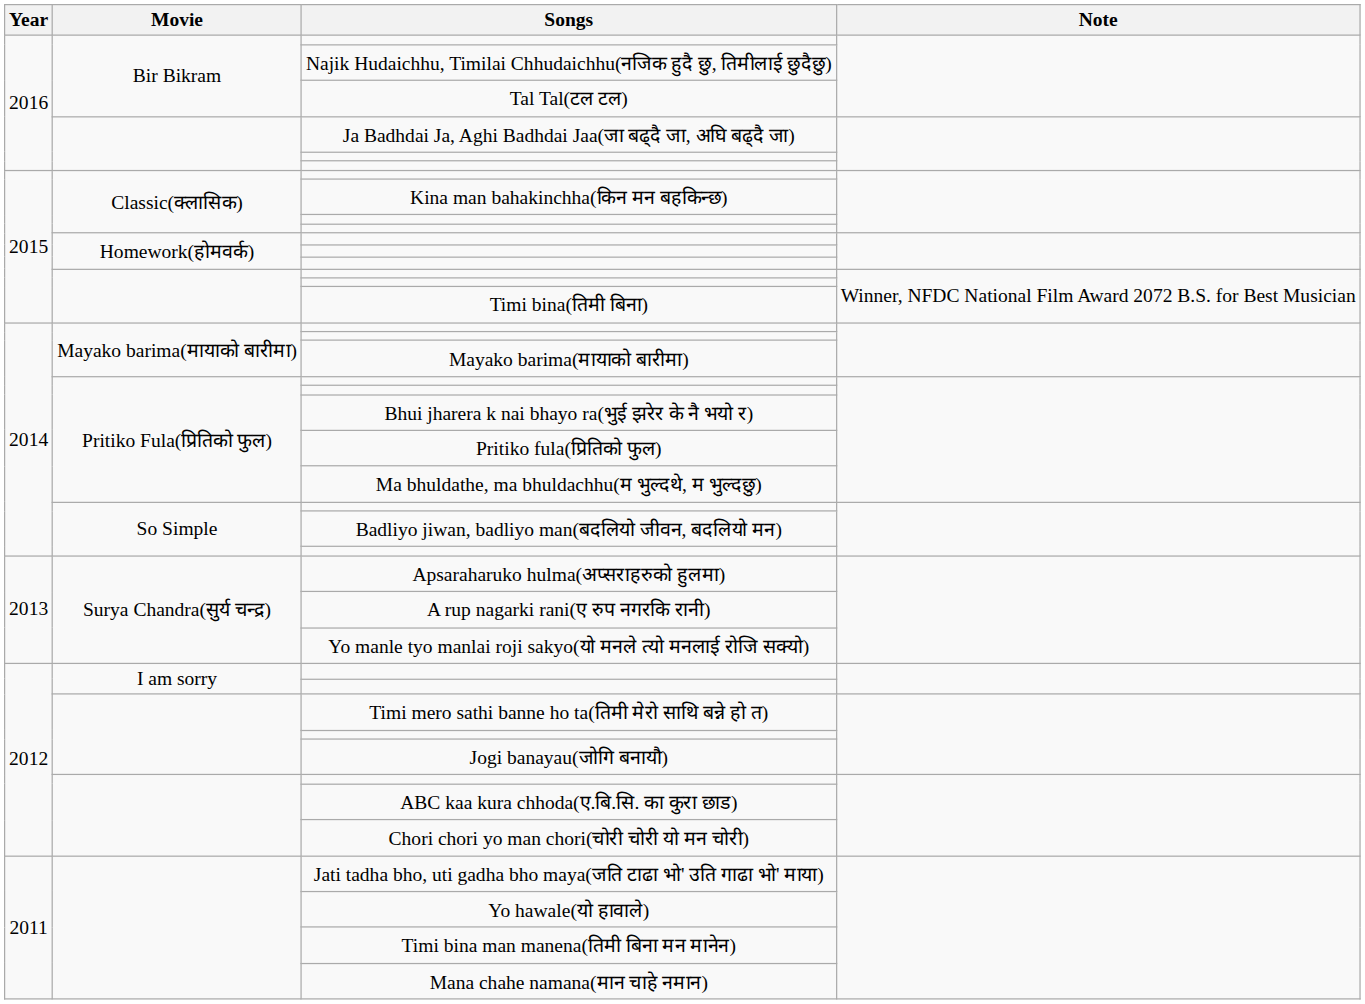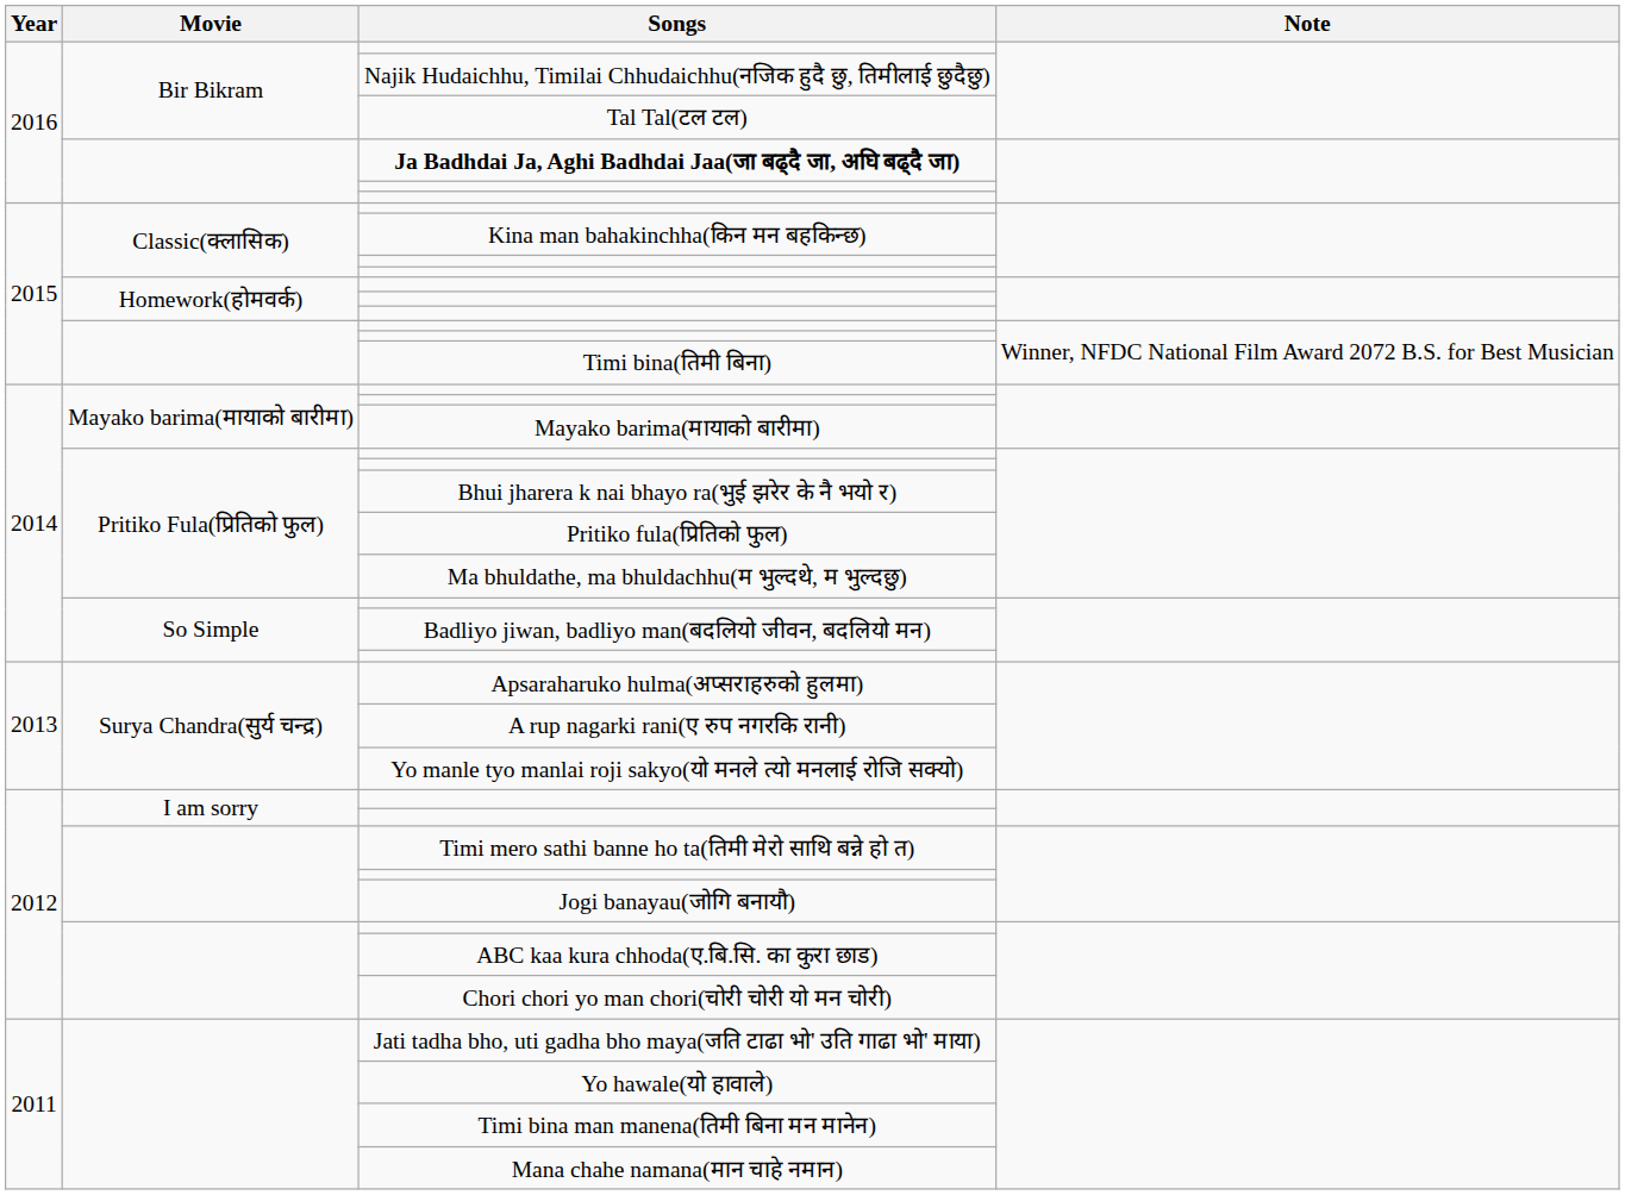 <table class="wikitable">
 <tr>
 <th>Year</th>
 <th>Movie</th>
 <th>Songs</th>
 <th>Note</th>
 </tr>
 <tr style="text-align:center;">
 <td rowspan=6>2016</td>
 <td rowspan=3>Bir Bikram</td>
 <td></td>
 <td rowspan=3></td>
 </tr>
 <tr style="text-align:center;">
 <td>Najik Hudaichhu, Timilai Chhudaichhu(नजिक हुदै छु, तिमीलाई छुदैछु)</td>
 </tr>
 <tr style="text-align:center;">
 <td>Tal Tal(टल टल)</td>
 </tr>
 <tr style="text-align:center;">
 <td rowspan=3></td>
-<td>Ja Badhdai Ja, Aghi Badhdai Jaa(जा बढ्दै जा, अघि बढ्दै जा)</td>
+<td><strong>Ja Badhdai Ja, Aghi Badhdai Jaa(जा बढ्दै जा, अघि बढ्दै जा)</strong></td>
 <td rowspan=3></td>
 </tr>
 <tr style="text-align:center;">
 <td></td>
 </tr>
 <tr style="text-align:center;">
 <td></td>
 </tr>
 <tr style="text-align:center;">
 <td rowspan=10>2015</td>
 <td rowspan=4>Classic(क्लासिक)</td>
 <td></td>
 <td rowspan=4></td>
 </tr>
 <tr style="text-align:center;">
 <td>Kina man bahakinchha(किन मन बहकिन्छ)</td>
 </tr>
 <tr style="text-align:center;">
 <td></td>
 </tr>
 <tr style="text-align:center;">
 <td></td>
 </tr>
 <tr style="text-align:center;">
 <td rowspan=3>Homework(होमवर्क)</td>
 <td></td>
 <td rowspan=3></td>
 </tr>
 <tr style="text-align:center;">
 <td></td>
 </tr>
 <tr style="text-align:center;">
 <td></td>
 </tr>
 <tr style="text-align:center;">
 <td rowspan=3></td>
 <td></td>
 <td rowspan=3>Winner, NFDC National Film Award 2072 B.S. for Best Musician</td>
 </tr>
 <tr style="text-align:center;">
 <td></td>
 </tr>
 <tr style="text-align:center;">
 <td>Timi bina(तिमी बिना)</td>
 </tr>
 <tr style="text-align:center;">
 <td rowspan=11>2014</td>
 <td rowspan=3>Mayako barima(मायाको बारीमा)</td>
 <td></td>
 <td rowspan=3></td>
 </tr>
 <tr style="text-align:center;">
 <td></td>
 </tr>
 <tr style="text-align:center;">
 <td>Mayako barima(मायाको बारीमा)</td>
 </tr>
 <tr style="text-align:center;">
 <td rowspan=5>Pritiko Fula(प्रितिको फुल)</td>
 <td></td>
 <td rowspan=5></td>
 </tr>
 <tr style="text-align:center;">
 <td></td>
 </tr>
 <tr style="text-align:center;">
 <td>Bhui jharera k nai bhayo ra(भुई झरेर के नै भयो र)</td>
 </tr>
 <tr style="text-align:center;">
 <td>Pritiko fula(प्रितिको फुल)</td>
 </tr>
 <tr style="text-align:center;">
 <td>Ma bhuldathe, ma bhuldachhu(म भुल्दथे, म भुल्दछु)</td>
 </tr>
 <tr style="text-align:center;">
 <td rowspan=3>So Simple</td>
 <td></td>
 <td rowspan=3></td>
 </tr>
 <tr style="text-align:center;">
 <td>Badliyo jiwan, badliyo man(बदलियो जीवन, बदलियो मन)</td>
 </tr>
 <tr style="text-align:center;">
 <td></td>
 </tr>
 <tr style="text-align:center;">
 <td rowspan=3>2013</td>
 <td rowspan=3>Surya Chandra(सुर्य चन्द्र)</td>
 <td>Apsaraharuko hulma(अप्सराहरुको हुलमा)</td>
 <td rowspan=3></td>
 </tr>
 <tr style="text-align:center;">
 <td>A rup nagarki rani(ए रुप नगरकि रानी)</td>
 </tr>
 <tr style="text-align:center;">
 <td>Yo manle tyo manlai roji sakyo(यो मनले त्यो मनलाई रोजि सक्यो)</td>
 </tr>
 <tr style="text-align:center;">
 <td rowspan=8>2012</td>
 <td rowspan=2>I am sorry</td>
 <td></td>
 <td rowspan=2></td>
 </tr>
 <tr style="text-align:center;">
 <td></td>
 </tr>
 <tr style="text-align:center;">
 <td rowspan=3></td>
 <td>Timi mero sathi banne ho ta(तिमी मेरो साथि बन्ने हो त)</td>
 <td rowspan=3></td>
 </tr>
 <tr style="text-align:center;">
 <td></td>
 </tr>
 <tr style="text-align:center;">
 <td>Jogi banayau(जोगि बनायौ)</td>
 </tr>
 <tr style="text-align:center;">
 <td rowspan=3></td>
 <td></td>
 <td rowspan=3></td>
 </tr>
 <tr style="text-align:center;">
 <td>ABC kaa kura chhoda(ए.बि.सि. का कुरा छाड)</td>
 </tr>
 <tr style="text-align:center;">
 <td>Chori chori yo man chori(चोरी चोरी यो मन चोरी)</td>
 </tr>
 <tr style="text-align:center;">
 <td rowspan=4>2011</td>
 <td rowspan=4></td>
 <td>Jati tadha bho, uti gadha bho maya(जति टाढा भो' उति गाढा भो' माया)</td>
 <td rowspan=4></td>
 </tr>
 <tr style="text-align:center;">
 <td>Yo hawale(यो हावाले)</td>
 </tr>
 <tr style="text-align:center;">
 <td>Timi bina man manena(तिमी बिना मन मानेन)</td>
 </tr>
 <tr style="text-align:center;">
 <td>Mana chahe namana(मान चाहे नमान)</td>
 </tr>
 </table>
